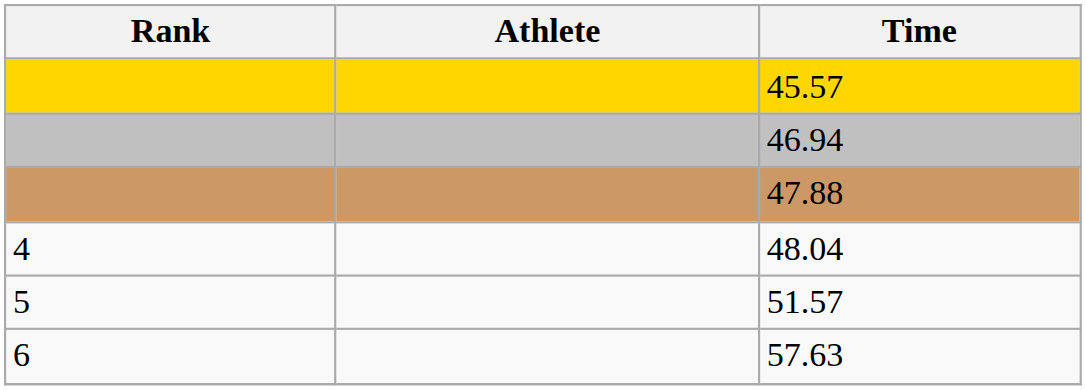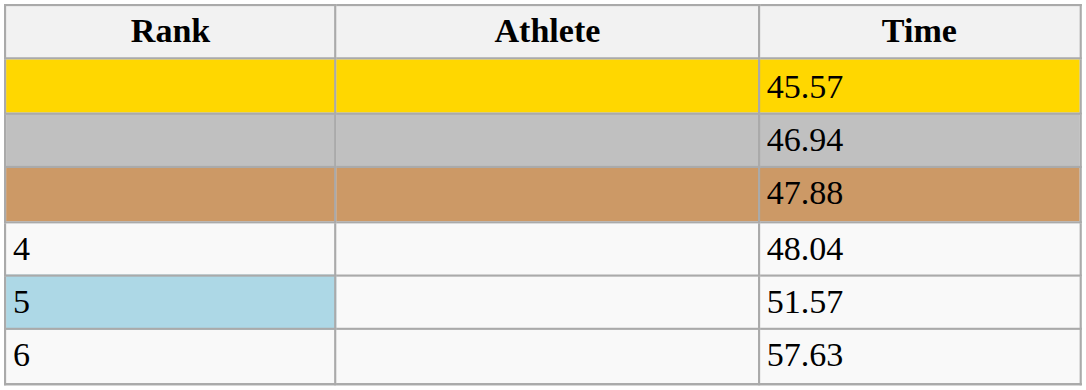 <table class="wikitable" width=40%>
 <tr>
 <th>Rank</th>
 <th>Athlete</th>
 <th>Time</th>
 </tr>
 <tr bgcolor=gold>
 <td></td>
 <td></td>
 <td>45.57</td>
 </tr>
 <tr bgcolor=silver>
 <td></td>
 <td></td>
 <td>46.94</td>
 </tr>
 <tr bgcolor=cc9966>
 <td></td>
 <td></td>
 <td>47.88</td>
 </tr>
 <tr>
 <td>4</td>
 <td></td>
 <td>48.04</td>
 </tr>
 <tr>
-<td>5</td>
+<td style="background: lightblue;">5</td>
 <td></td>
 <td>51.57</td>
 </tr>
 <tr>
 <td>6</td>
 <td></td>
 <td>57.63</td>
 </tr>
 <tr>
 </tr>
 </table>
